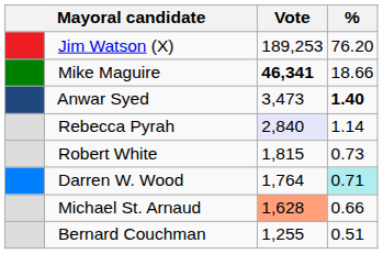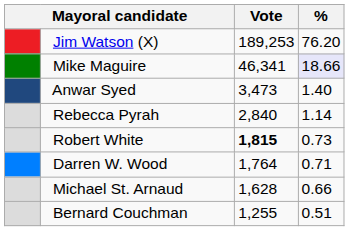 <table class="wikitable">
 <tr>
 <th width="230px" colspan="2">Mayoral candidate</th>
 <th width="50px">Vote</th>
 <th width="30px">%</th>
 </tr>
 <tr>
 <td bgcolor=#ED1D24 width="30px"> </td>
 <td>  <a href='#'>Jim Watson</a> (X)</td>
 <td>189,253</td>
 <td>76.20</td>
 </tr>
 <tr>
 <td bgcolor=#008000 width="30px"> </td>
 <td>  Mike Maguire</td>
-<td><strong>46,341</strong></td>
-<td>18.66</td>
+<td>46,341</td>
+<td style="background: lavender;">18.66</td>
 </tr>
 <tr>
 <td bgcolor=#20487E width="30px"> </td>
 <td>  Anwar Syed</td>
 <td>3,473</td>
-<td><strong>1.40</strong></td>
+<td>1.40</td>
 </tr>
 <tr>
 <td bgcolor=#DCDCDC width="30px"> </td>
 <td>  Rebecca Pyrah</td>
-<td style="background: lavender;">2,840</td>
+<td>2,840</td>
 <td>1.14</td>
 </tr>
 <tr>
 <td bgcolor=#DCDCDC width="30px"> </td>
 <td>  Robert White</td>
-<td>1,815</td>
+<td><strong>1,815</strong></td>
 <td>0.73</td>
 </tr>
 <tr>
 <td bgcolor=#007FFF width="30px"> </td>
 <td>  Darren W. Wood</td>
 <td>1,764</td>
-<td style="background: paleturquoise;">0.71</td>
+<td>0.71</td>
 </tr>
 <tr>
 <td bgcolor=#DCDCDC width="30px"> </td>
 <td>  Michael St. Arnaud</td>
-<td style="background: lightsalmon;">1,628</td>
+<td>1,628</td>
 <td>0.66</td>
 </tr>
 <tr>
 <td bgcolor=#DCDCDC width="30px"> </td>
 <td>  Bernard Couchman</td>
 <td>1,255</td>
 <td>0.51</td>
 </tr>
 </table>
